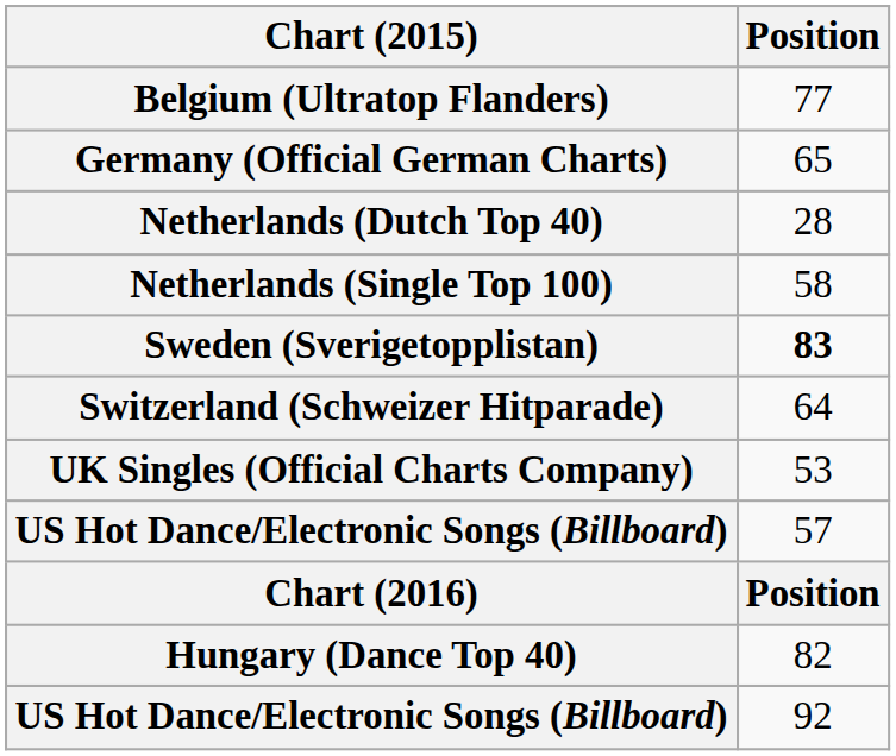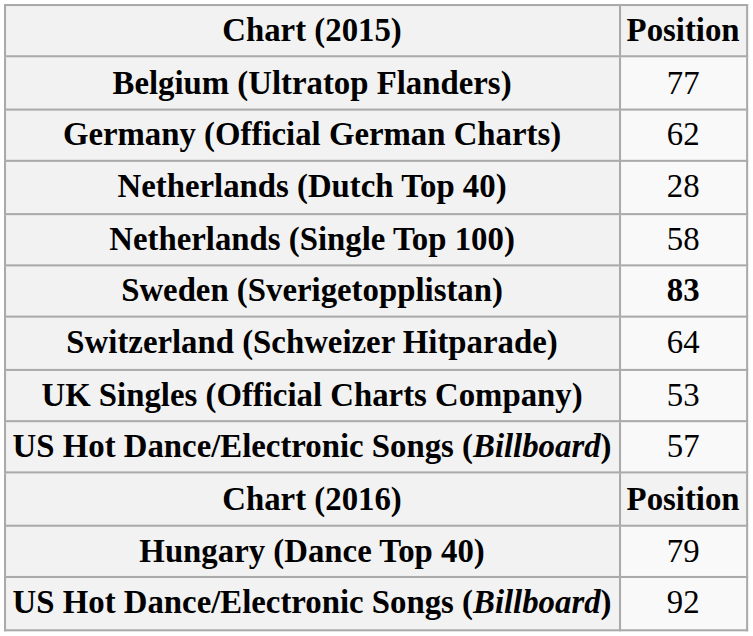 <table class="wikitable plainrowheaders" style="text-align:center">
 <tr>
 <th scope="col">Chart (2015)</th>
 <th scope="col">Position</th>
 </tr>
 <tr>
 <th scope="row">Belgium (Ultratop Flanders)</th>
 <td>77</td>
 </tr>
 <tr>
 <th scope="row">Germany (Official German Charts)</th>
-<td>65</td>
+<td>62</td>
 </tr>
 <tr>
 <th scope="row">Netherlands (Dutch Top 40)</th>
 <td>28</td>
 </tr>
 <tr>
 <th scope="row">Netherlands (Single Top 100)</th>
 <td>58</td>
 </tr>
 <tr>
 <th scope="row">Sweden (Sverigetopplistan)</th>
 <td><strong>83</strong></td>
 </tr>
 <tr>
 <th scope="row">Switzerland (Schweizer Hitparade)</th>
 <td>64</td>
 </tr>
 <tr>
 <th scope="row">UK Singles (Official Charts Company)</th>
 <td>53</td>
 </tr>
 <tr>
 <th scope="row">US Hot Dance/Electronic Songs (<em>Billboard</em>)</th>
 <td>57</td>
 </tr>
 <tr>
 <th scope="col">Chart (2016)</th>
 <th scope="col">Position</th>
 </tr>
 <tr>
 <th scope="row">Hungary (Dance Top 40)</th>
-<td>82</td>
+<td>79</td>
 </tr>
 <tr>
 <th scope="row">US Hot Dance/Electronic Songs (<em>Billboard</em>)</th>
 <td>92</td>
 </tr>
 </table>
